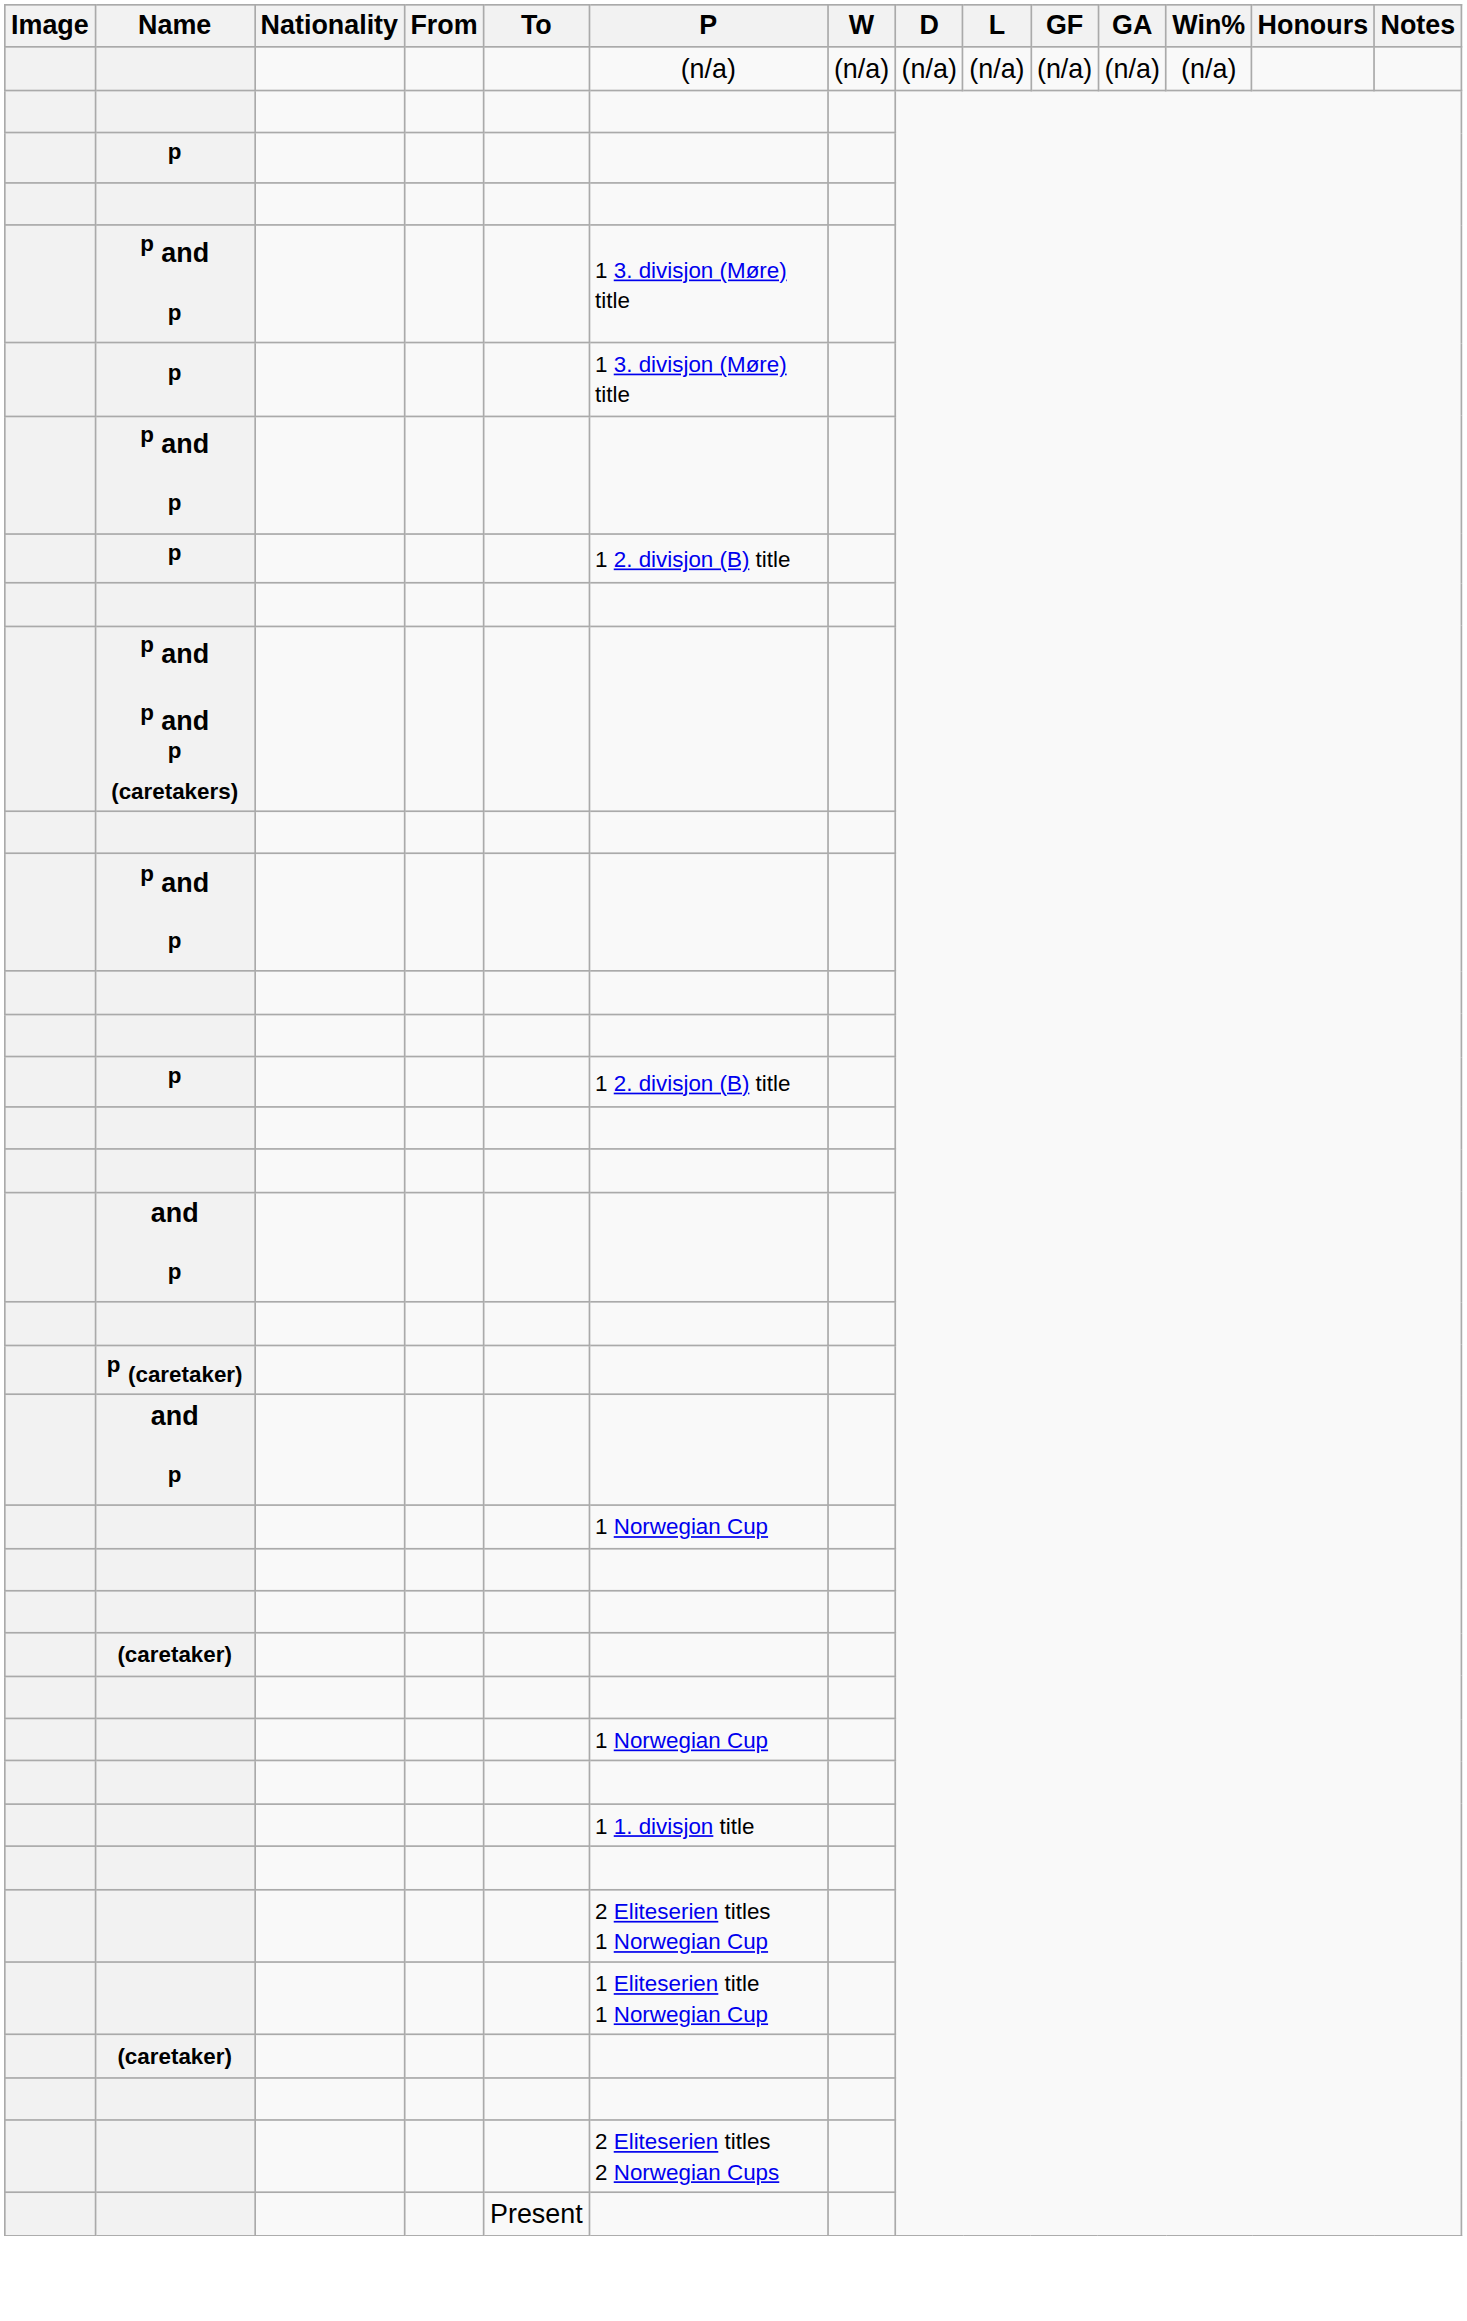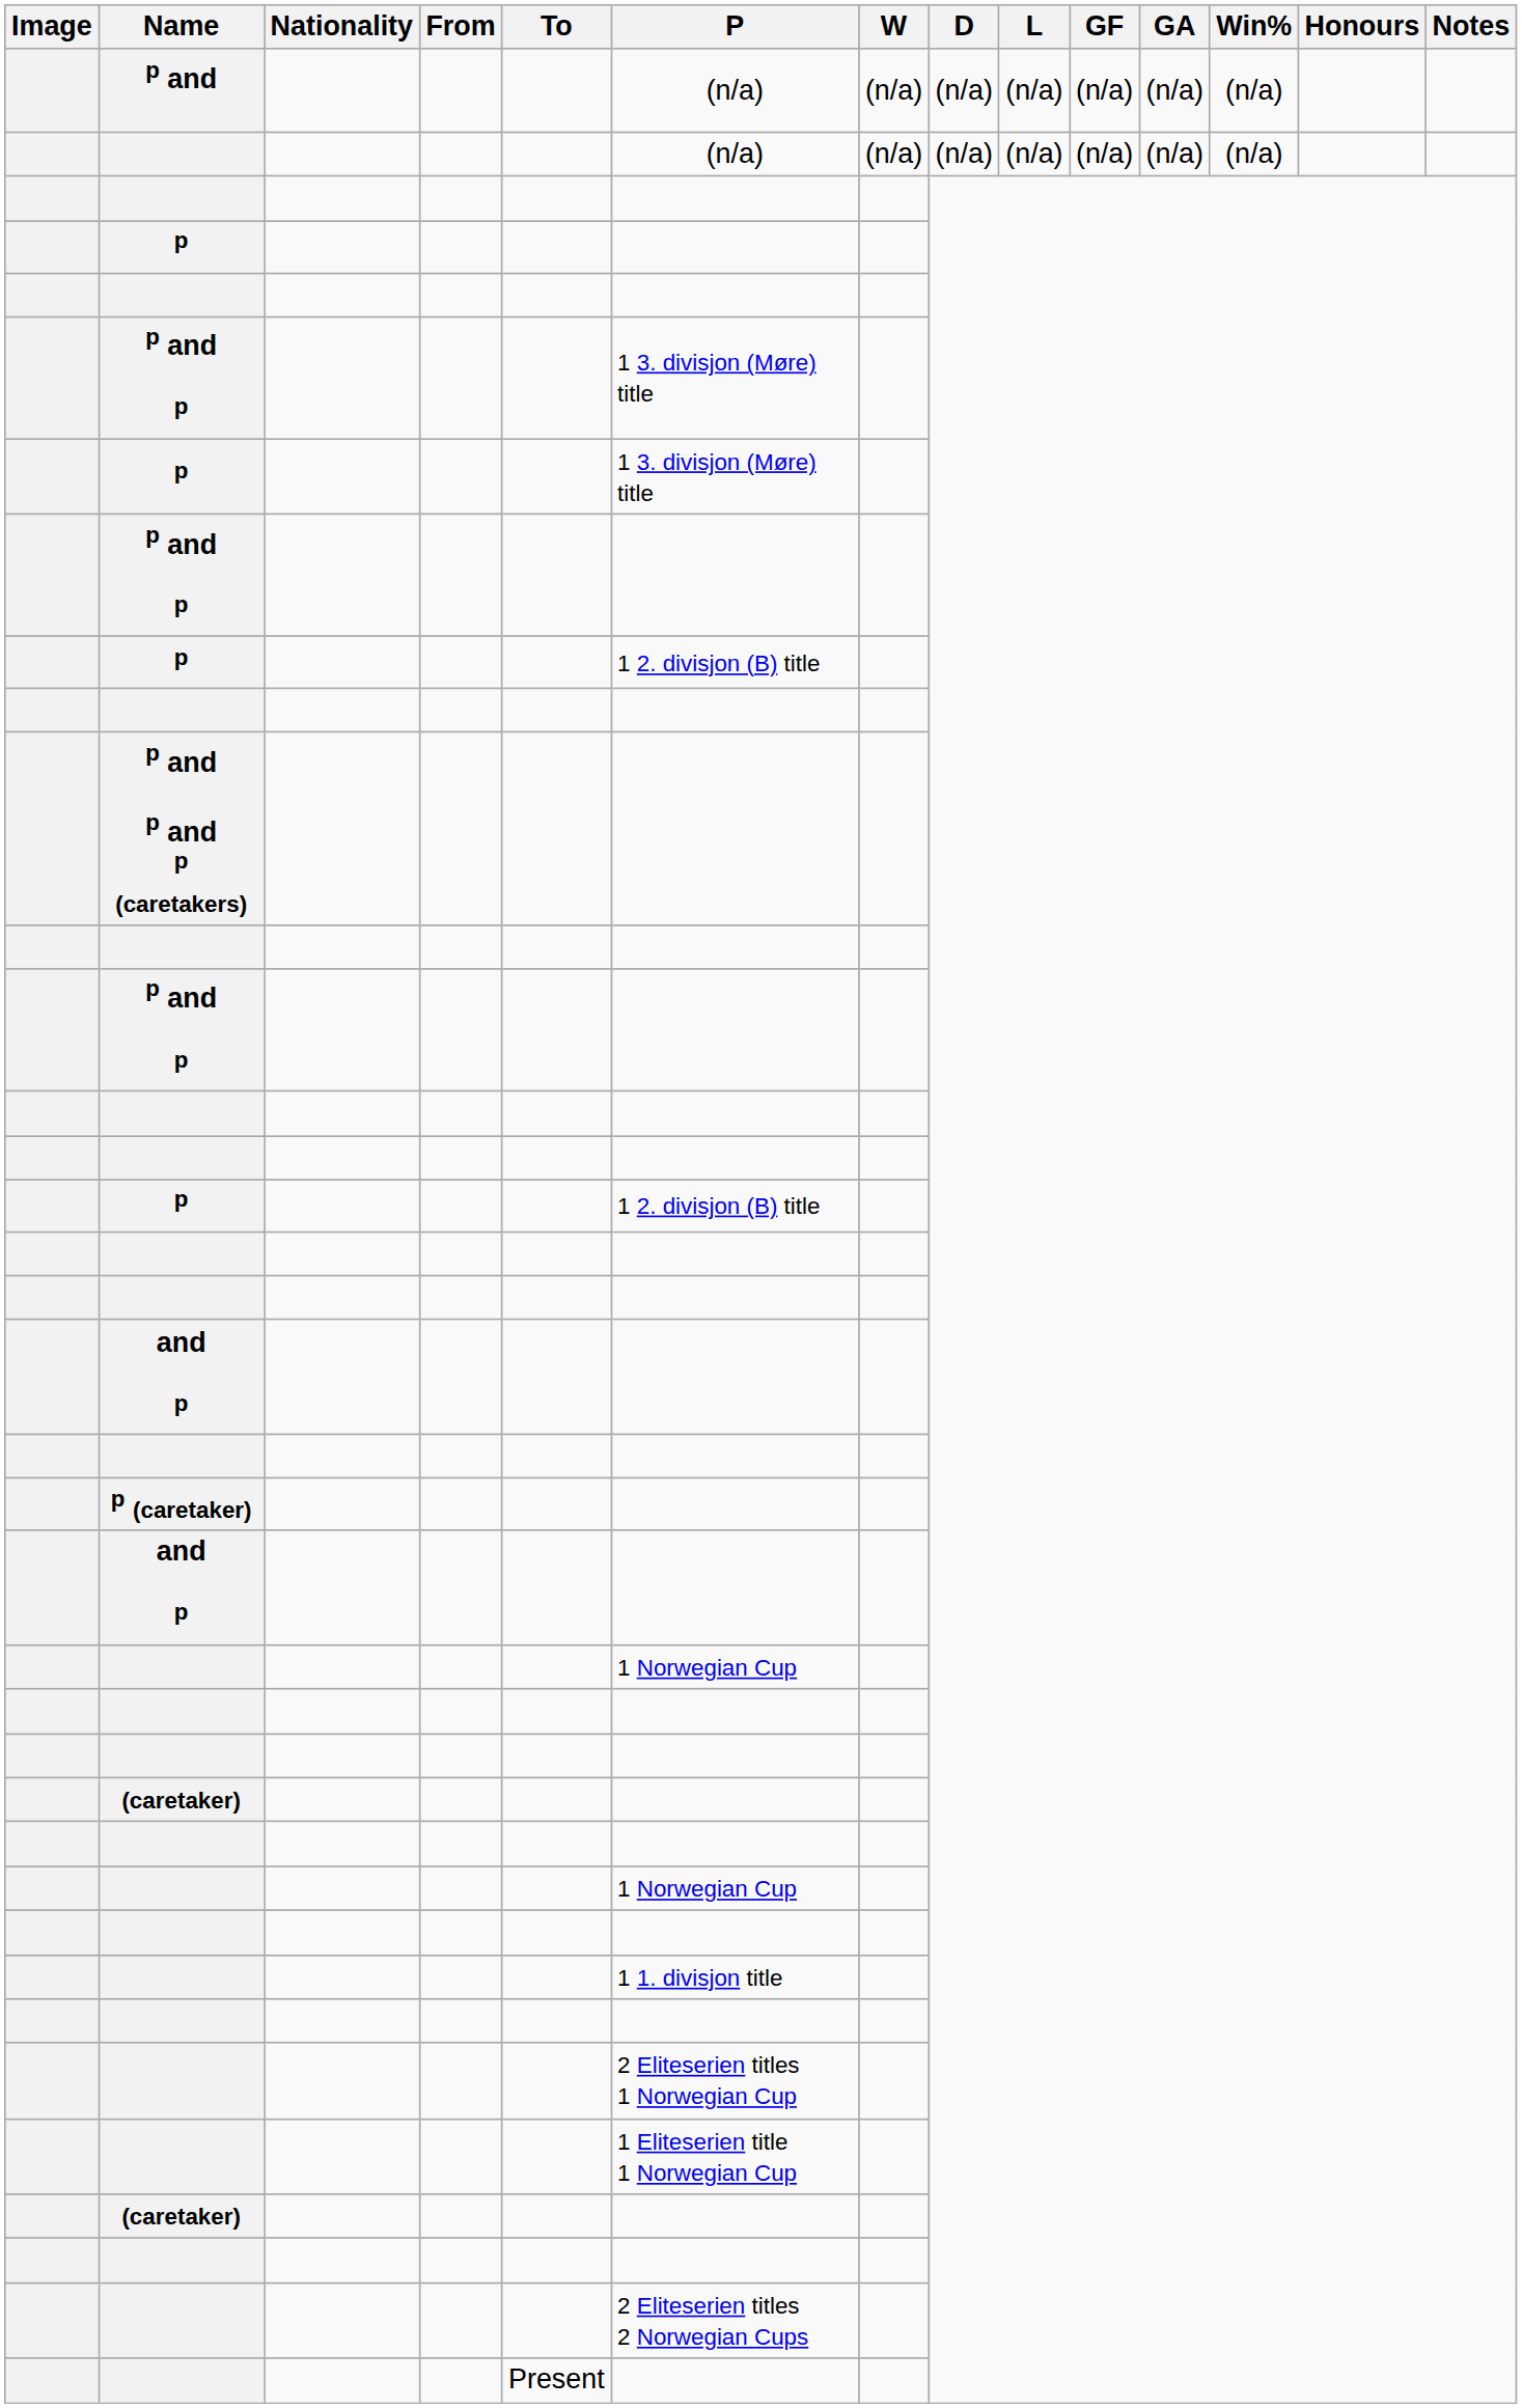 <table class="wikitable plainrowheaders sortable">
 <tr>
 <th scope="col">Image</th>
 <th scope="col">Name</th>
 <th scope="col">Nationality</th>
 <th scope="col">From</th>
 <th scope="col">To</th>
 <th scope="col">P</th>
 <th scope="col">W</th>
 <th scope="col">D</th>
 <th scope="col">L</th>
 <th scope="col">GF</th>
 <th scope="col">GA</th>
 <th scope="col">Win%</th>
 <th scope="col">Honours</th>
 <th scope="col" class="unsortable">Notes</th>
+</tr>
+<tr>
+<th></th>
+<th scope="row"><sup>p</sup> and<br><br></th>
+<td></td>
+<td></td>
+<td></td>
+<td align="center">(n/a)</td>
+<td align="center">(n/a)</td>
+<td align="center">(n/a)</td>
+<td align="center">(n/a)</td>
+<td align="center">(n/a)</td>
+<td align="center">(n/a)</td>
+<td align="center">(n/a)</td>
+<td></td>
+<td></td>
 </tr>
 <tr>
 <th></th>
 <th scope="row"></th>
 <td></td>
 <td></td>
 <td></td>
 <td align="center">(n/a)</td>
 <td align="center">(n/a)</td>
 <td align="center">(n/a)</td>
 <td align="center">(n/a)</td>
 <td align="center">(n/a)</td>
 <td align="center">(n/a)</td>
 <td align="center">(n/a)</td>
 <td></td>
 <td></td>
 </tr>
 <tr>
 <th></th>
 <th scope="row"></th>
 <td></td>
 <td></td>
 <td><br></td>
 <td></td>
 <td></td>
 </tr>
 <tr>
 <th></th>
 <th scope="row"><sup>p</sup></th>
 <td></td>
 <td></td>
 <td><br></td>
 <td></td>
 <td></td>
 </tr>
 <tr>
 <th></th>
 <th scope="row"></th>
 <td></td>
 <td></td>
 <td><br></td>
 <td></td>
 <td></td>
 </tr>
 <tr>
 <th></th>
 <th scope="row"><sup>p</sup> and<br><br><sup>p</sup></th>
 <td></td>
 <td></td>
 <td><br></td>
 <td><small>1 <a href='#'>3. divisjon (Møre)</a> title</small></td>
 <td></td>
 </tr>
 <tr>
 <th></th>
 <th scope="row"><sup>p</sup></th>
 <td></td>
 <td></td>
 <td><br></td>
 <td><small>1 <a href='#'>3. divisjon (Møre)</a> title</small></td>
 <td></td>
 </tr>
 <tr>
 <th></th>
 <th scope="row"><sup>p</sup> and<br><br><sup>p</sup></th>
 <td></td>
 <td></td>
 <td><br></td>
 <td></td>
 <td></td>
 </tr>
 <tr>
 <th></th>
 <th scope="row"><sup>p</sup></th>
 <td></td>
 <td></td>
 <td><br></td>
 <td><small>1 <a href='#'>2. divisjon (B)</a> title</small></td>
 <td></td>
 </tr>
 <tr>
 <th></th>
 <th scope="row"></th>
 <td></td>
 <td></td>
 <td><br></td>
 <td></td>
 <td></td>
 </tr>
 <tr>
 <th></th>
 <th scope="row"><sup>p</sup> and <br><br><sup>p</sup> and <br> <sup>p</sup> <small>(caretakers)</small></th>
 <td><br></td>
 <td></td>
 <td><br></td>
 <td></td>
 <td></td>
 </tr>
 <tr>
 <th></th>
 <th scope="row"></th>
 <td></td>
 <td></td>
 <td><br></td>
 <td></td>
 <td></td>
 </tr>
 <tr>
 <th></th>
 <th scope="row"><sup>p</sup> and<br><br><sup>p</sup></th>
 <td></td>
 <td></td>
 <td><br></td>
 <td></td>
 <td></td>
 </tr>
 <tr>
 <th></th>
 <th scope="row"></th>
 <td></td>
 <td></td>
 <td><br></td>
 <td></td>
 <td></td>
 </tr>
 <tr>
 <th></th>
 <th scope="row"></th>
 <td></td>
 <td></td>
 <td><br></td>
 <td></td>
 <td></td>
 </tr>
 <tr>
 <th></th>
 <th scope="row"><sup>p</sup></th>
 <td></td>
 <td></td>
 <td><br></td>
 <td><small>1 <a href='#'>2. divisjon (B)</a> title</small></td>
 <td></td>
 </tr>
 <tr>
 <th></th>
 <th scope="row"></th>
 <td></td>
 <td></td>
 <td><br></td>
 <td></td>
 <td></td>
 </tr>
 <tr>
 <th></th>
 <th scope="row"></th>
 <td></td>
 <td></td>
 <td><br></td>
 <td></td>
 <td></td>
 </tr>
 <tr>
 <th></th>
 <th scope="row"> and<br><br><sup>p</sup></th>
 <td></td>
 <td></td>
 <td><br></td>
 <td></td>
 <td></td>
 </tr>
 <tr>
 <th></th>
 <th scope="row"></th>
 <td></td>
 <td></td>
 <td><br></td>
 <td></td>
 <td></td>
 </tr>
 <tr>
 <th></th>
 <th scope="row"><sup>p</sup> <small>(caretaker)</small></th>
 <td></td>
 <td></td>
 <td><br></td>
 <td></td>
 <td></td>
 </tr>
 <tr>
 <th></th>
 <th scope="row"> and<br><br><sup>p</sup></th>
 <td></td>
 <td></td>
 <td><br></td>
 <td></td>
 <td></td>
 </tr>
 <tr>
 <th></th>
 <th scope="row"></th>
 <td></td>
 <td></td>
 <td><br></td>
 <td><small>1 <a href='#'>Norwegian Cup</a></small></td>
 <td></td>
 </tr>
 <tr>
 <th></th>
 <th scope="row"></th>
 <td></td>
 <td></td>
 <td><br></td>
 <td></td>
 <td></td>
 </tr>
 <tr>
 <th></th>
 <th scope="row"></th>
 <td></td>
 <td></td>
 <td><br></td>
 <td></td>
 <td></td>
 </tr>
 <tr>
 <th></th>
 <th scope="row"> <small>(caretaker)</small></th>
 <td></td>
 <td></td>
 <td><br></td>
 <td></td>
 <td></td>
 </tr>
 <tr>
 <th></th>
 <th scope="row"></th>
 <td></td>
 <td></td>
 <td><br></td>
 <td></td>
 <td></td>
 </tr>
 <tr>
 <th></th>
 <th scope="row"></th>
 <td></td>
 <td></td>
 <td><br></td>
 <td><small>1 <a href='#'>Norwegian Cup</a></small></td>
 <td></td>
 </tr>
 <tr>
 <th></th>
 <th scope="row"></th>
 <td></td>
 <td></td>
 <td><br></td>
 <td></td>
 <td></td>
 </tr>
 <tr>
 <th></th>
 <th scope="row"></th>
 <td></td>
 <td></td>
 <td><br></td>
 <td><small>1 <a href='#'>1. divisjon</a> title</small></td>
 <td></td>
 </tr>
 <tr>
 <th></th>
 <th scope="row"></th>
 <td></td>
 <td></td>
 <td><br></td>
 <td></td>
 <td></td>
 </tr>
 <tr>
 <th></th>
 <th scope="row"></th>
 <td></td>
 <td></td>
 <td><br></td>
 <td><small>2 <a href='#'>Eliteserien</a> titles <br> 1 <a href='#'>Norwegian Cup</a></small></td>
 <td></td>
 </tr>
 <tr>
 <th></th>
 <th scope="row"></th>
 <td></td>
 <td></td>
 <td><br></td>
 <td><small>1 <a href='#'>Eliteserien</a> title <br> 1 <a href='#'>Norwegian Cup</a></small></td>
 <td></td>
 </tr>
 <tr>
 <th></th>
 <th scope="row"> <small>(caretaker)</small></th>
 <td></td>
 <td></td>
 <td><br></td>
 <td></td>
 <td></td>
 </tr>
 <tr>
 <th></th>
 <th scope="row"></th>
 <td></td>
 <td></td>
 <td><br></td>
 <td></td>
 <td></td>
 </tr>
 <tr>
 <th></th>
 <th scope="row"></th>
 <td></td>
 <td></td>
 <td><br></td>
 <td><small>2 <a href='#'>Eliteserien</a> titles<br> 2 <a href='#'>Norwegian Cups</a></small></td>
 <td></td>
 </tr>
 <tr>
 <th></th>
 <th scope="row"></th>
 <td></td>
 <td></td>
 <td>Present<br></td>
 <td></td>
 <td></td>
 </tr>
 </table>
